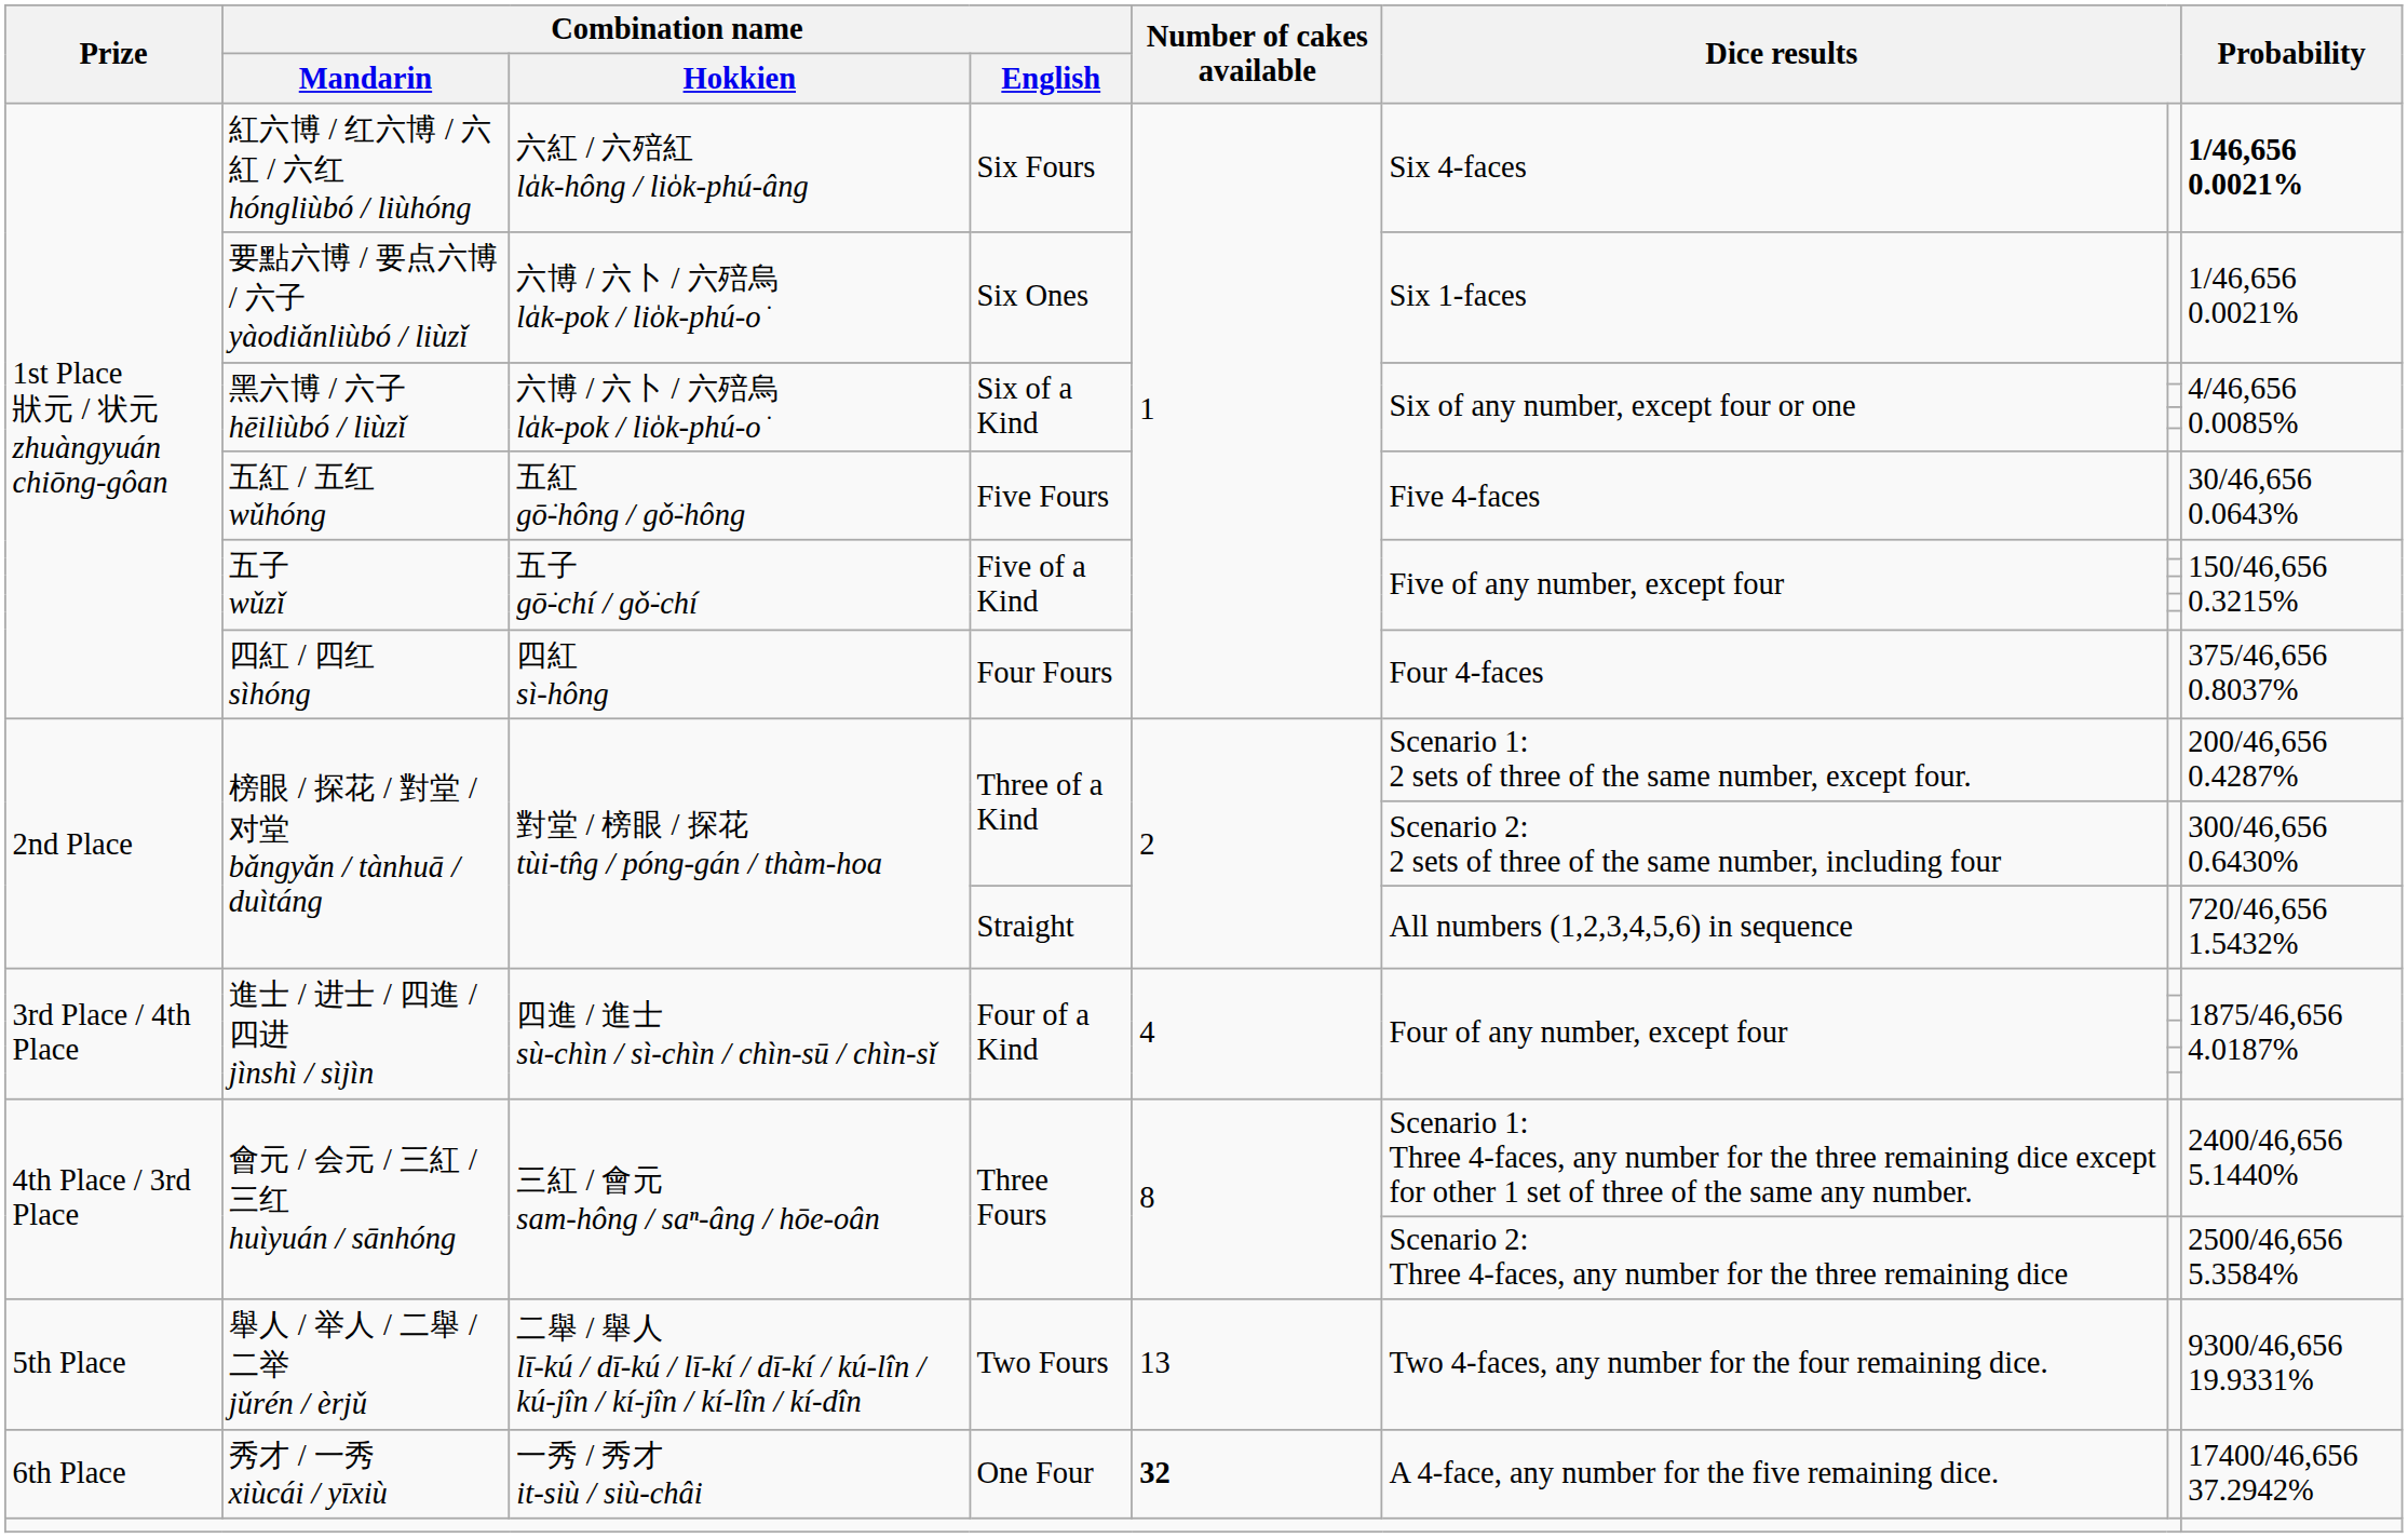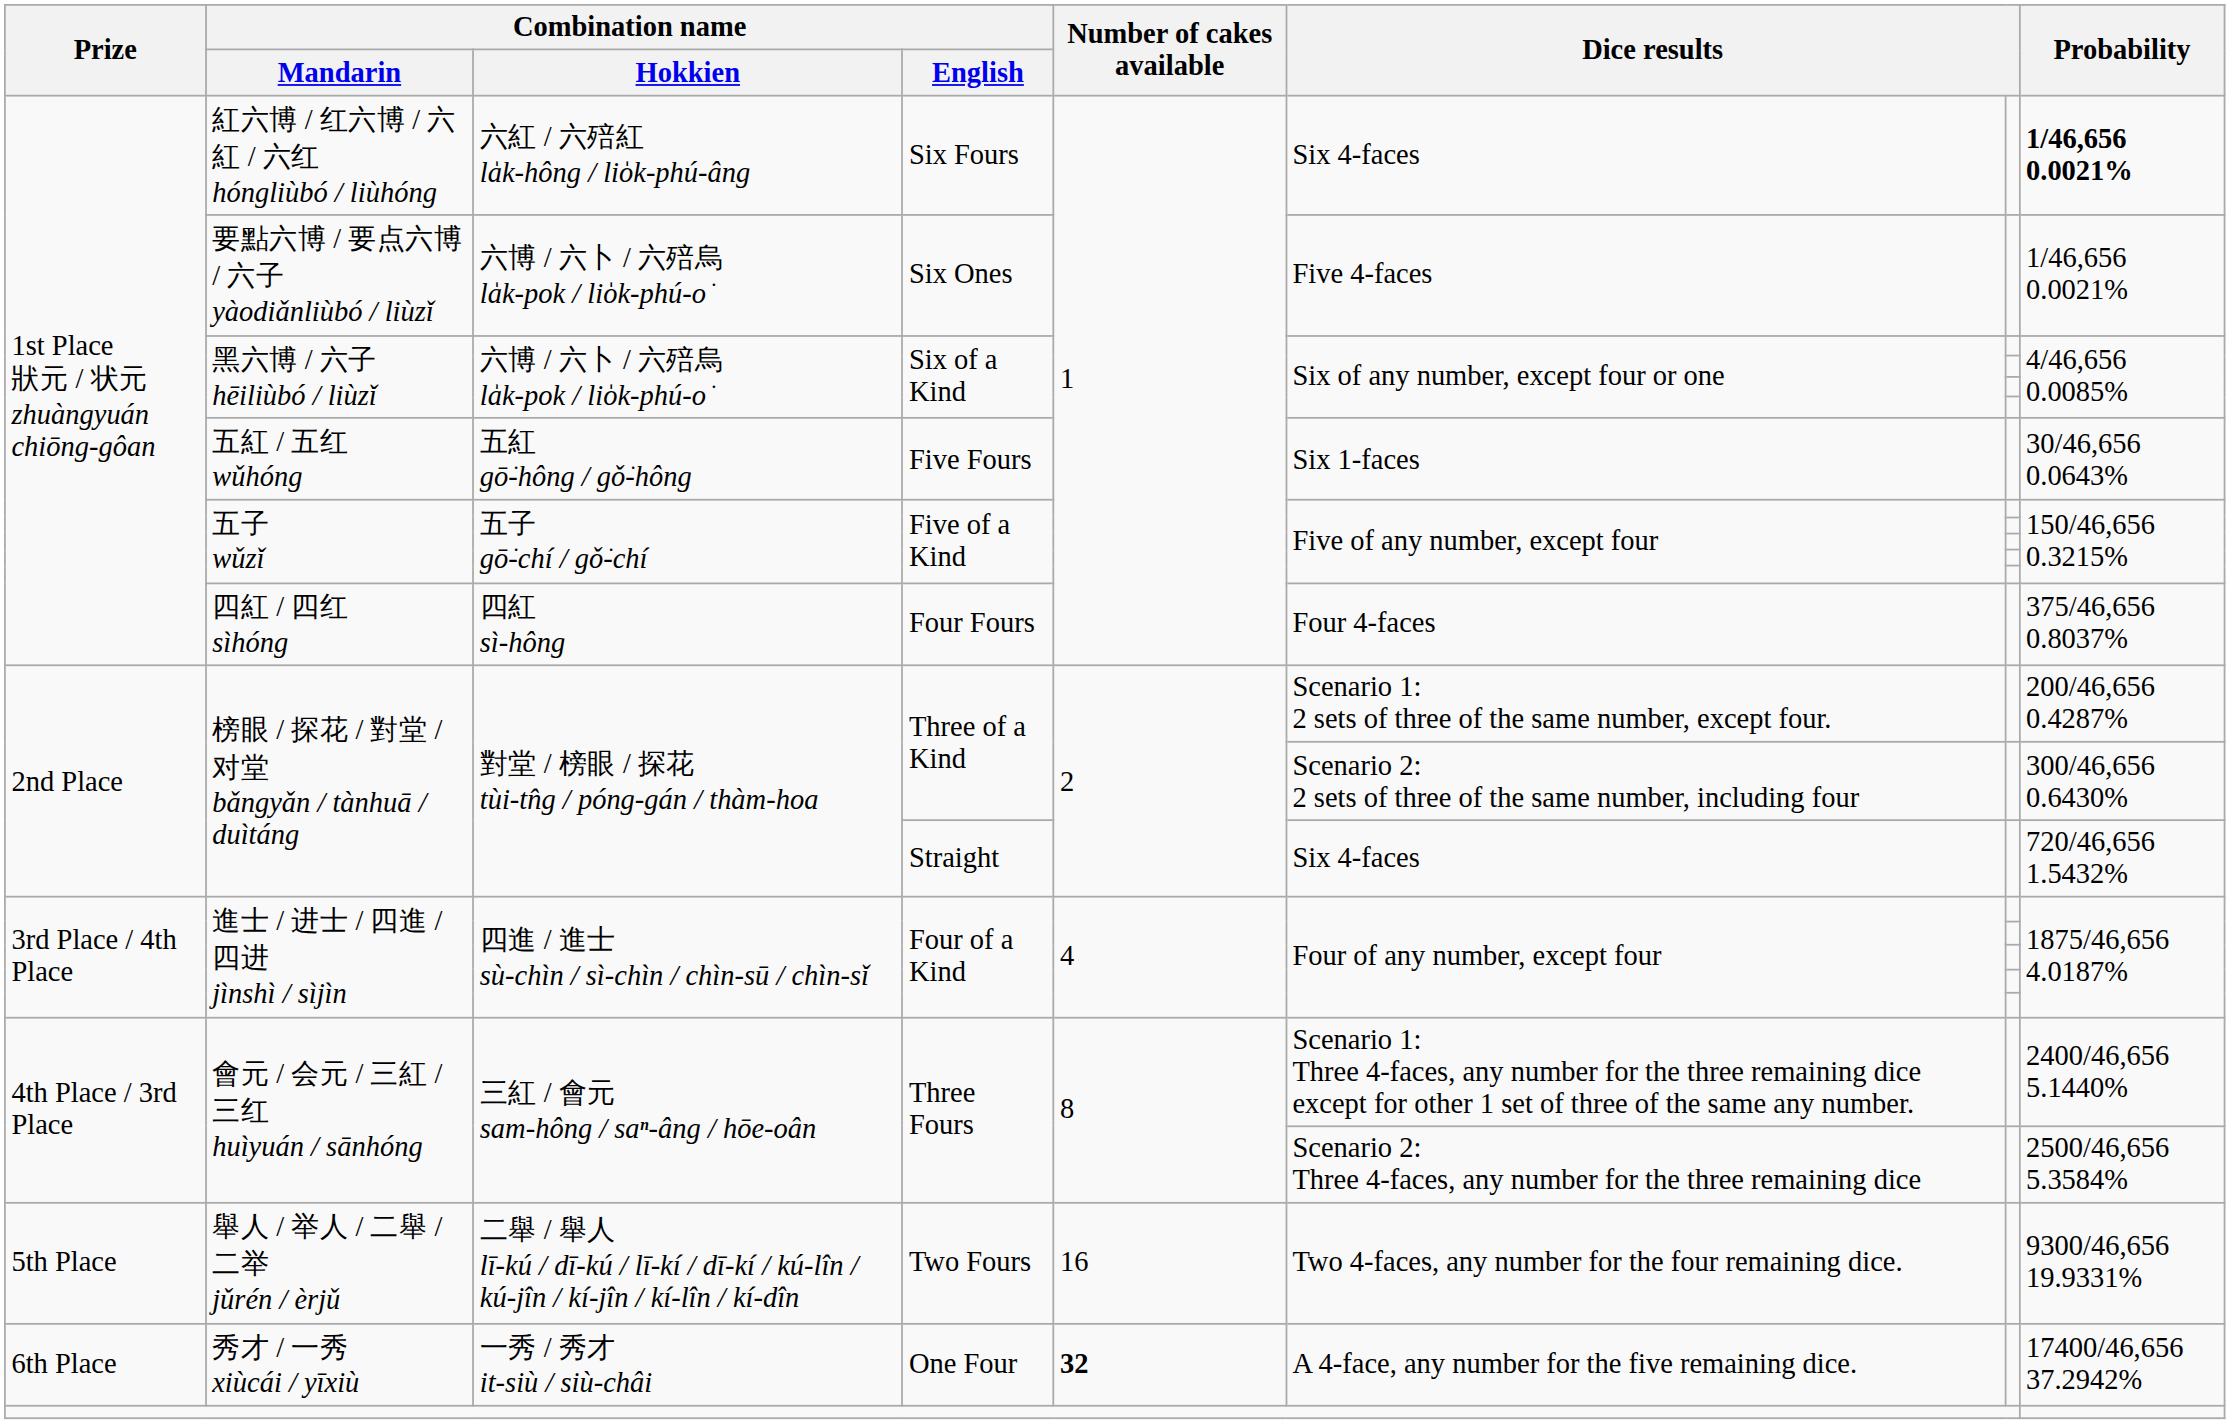 <table class="wikitable">
 <tr>
 <th rowspan="2">Prize</th>
 <th colspan="3">Combination name</th>
 <th rowspan="2">Number of cakes available</th>
 <th colspan="2" rowspan="2">Dice results</th>
 <th rowspan="2">Probability</th>
 </tr>
 <tr>
 <th><a href='#'>Mandarin</a></th>
 <th><a href='#'>Hokkien</a></th>
 <th><a href='#'>English</a></th>
 </tr>
 <tr>
 <td rowspan="13"><br>1st Place<br> 狀元  / 状元 <br> <em>zhuàngyuán</em> <br> <em>chiōng-gôan</em> </td>
 <td>紅六博  / 红六博  / 六紅  / 六红 <br><em>hóngliùbó / liùhóng</em> </td>
 <td>六紅 / 六殕紅<br><em>la̍k-hông / lio̍k-phú-âng</em> </td>
 <td>Six Fours</td>
 <td rowspan="13">1</td>
 <td>Six 4-faces</td>
 <td></td>
 <td><strong>1/46,656<br>0.0021%</strong></td>
 </tr>
 <tr>
 <td>要點六博  / 要点六博   / 六子<br><em>yàodiǎnliùbó / liùzǐ</em> </td>
 <td>六博 / 六卜 / 六殕烏<br><em>la̍k-pok / lio̍k-phú-o͘</em>  </td>
 <td>Six Ones</td>
-<td>Six 1-faces</td>
+<td>Five 4-faces</td>
 <td></td>
 <td>1/46,656<br>0.0021%</td>
 </tr>
 <tr>
 <td rowspan="4">黑六博 / 六子<br><em>hēiliùbó / liùzǐ</em> </td>
 <td rowspan="4">六博 / 六卜 / 六殕烏<br><em>la̍k-pok / lio̍k-phú-o͘</em> </td>
 <td rowspan="4">Six of a Kind</td>
 <td rowspan="4">Six of any number, except four or one</td>
 <td></td>
 <td rowspan="4">4/46,656 0.0085%</td>
 </tr>
 <tr>
 <td></td>
 </tr>
 <tr>
 <td></td>
 </tr>
 <tr>
 <td></td>
 </tr>
 <tr>
 <td>五紅  / 五红 <br><em>wǔhóng</em> </td>
 <td>五紅<br><em>gō͘-hông / gǒ͘-hông</em> </td>
 <td>Five Fours</td>
-<td>Five 4-faces</td>
+<td>Six 1-faces</td>
 <td></td>
 <td>30/46,656 0.0643%</td>
 </tr>
 <tr>
 <td rowspan="5">五子<br><em>wǔzǐ</em> </td>
 <td rowspan="5">五子<br><em>gō͘-chí / gǒ͘-chí</em> </td>
 <td rowspan="5">Five of a Kind</td>
 <td rowspan="5">Five of any number, except four</td>
 <td></td>
 <td rowspan="5">150/46,656<br>0.3215%</td>
 </tr>
 <tr>
 <td></td>
 </tr>
 <tr>
 <td></td>
 </tr>
 <tr>
 <td></td>
 </tr>
 <tr>
 <td></td>
 </tr>
 <tr>
 <td>四紅  / 四红 <br><em>sìhóng</em> </td>
 <td>四紅<br><em>sì-hông</em> </td>
 <td>Four Fours</td>
 <td>Four 4-faces</td>
 <td></td>
 <td>375/46,656<br>0.8037%</td>
 </tr>
 <tr>
 <td rowspan="3">2nd Place</td>
 <td rowspan="3">榜眼 / 探花 / 對堂  / 对堂 <br><em>bǎngyǎn / tànhuā / duìtáng</em> </td>
 <td rowspan="3">對堂 / 榜眼 / 探花<br><em>tùi-tn̂g</em> <em>/ póng-gán / thàm-hoa</em> </td>
 <td rowspan="2">Three of a Kind</td>
 <td rowspan="3">2</td>
 <td>Scenario 1:<br>2 sets of three of the same number, except four.</td>
 <td><br></td>
 <td>200/46,656<br>0.4287%</td>
 </tr>
 <tr>
 <td>Scenario 2:<br>2 sets of three of the same number, including four</td>
 <td><br></td>
 <td>300/46,656<br>0.6430%</td>
 </tr>
 <tr>
 <td>Straight</td>
-<td>All numbers (1,2,3,4,5,6) in sequence</td>
+<td>Six 4-faces</td>
 <td></td>
 <td>720/46,656<br>1.5432%</td>
 </tr>
 <tr>
 <td rowspan="5">3rd Place / 4th Place</td>
 <td rowspan="5">進士  / 进士  / 四進  / 四进 <br><em>jìnshì / sìjìn</em> </td>
 <td rowspan="5">四進 / 進士<br><em>sù-chìn / sì-chìn / chìn-sū / chìn-sǐ</em> </td>
 <td rowspan="5">Four of a Kind</td>
 <td rowspan="5">4</td>
 <td rowspan="5">Four of any number, except four</td>
 <td></td>
 <td rowspan="5">1875/46,656<br>4.0187%</td>
 </tr>
 <tr>
 <td></td>
 </tr>
 <tr>
 <td></td>
 </tr>
 <tr>
 <td></td>
 </tr>
 <tr>
 <td></td>
 </tr>
 <tr>
 <td rowspan="2">4th Place / 3rd Place</td>
 <td rowspan="2">會元  / 会元  / 三紅  / 三红 <br><em>huìyuán / sānhóng</em> </td>
 <td rowspan="2">三紅 / 會元<br><em>sam-hông / saⁿ-âng / hōe-oân</em> </td>
 <td rowspan="2">Three Fours</td>
 <td rowspan="2">8</td>
 <td>Scenario 1:<br>Three 4-faces, any number for the three remaining dice except for other 1 set of three of the same any number.</td>
 <td></td>
 <td>2400/46,656<br>5.1440%</td>
 </tr>
 <tr>
 <td>Scenario 2:<br>Three 4-faces, any number for the three remaining dice</td>
 <td></td>
 <td>2500/46,656<br>5.3584%</td>
 </tr>
 <tr>
 <td>5th Place</td>
 <td>舉人  / 举人  / 二舉  / 二举 <br><em>jǔrén / èrjǔ</em> </td>
 <td>二舉 / 舉人<br><em>lī-kú / dī-kú / lī-kí / dī-kí / kú-lîn / kú-jîn / kí-jîn / kí-lîn / kí-dîn</em> </td>
 <td>Two Fours</td>
-<td>13</td>
+<td>16</td>
 <td>Two 4-faces, any number for the four remaining dice.</td>
 <td></td>
 <td>9300/46,656<br>19.9331%</td>
 </tr>
 <tr>
 <td>6th Place</td>
 <td>秀才 / 一秀<br><em>xiùcái / yīxiù</em> </td>
 <td>一秀 / 秀才<br><em>it-siù / siù-châi</em> </td>
 <td>One Four</td>
 <td><strong>32</strong></td>
 <td>A 4-face, any number for the five remaining dice.</td>
 <td></td>
 <td>17400/46,656<br>37.2942%</td>
 </tr>
 <tr>
 <td colspan="7"></td>
 </tr>
 </table>
